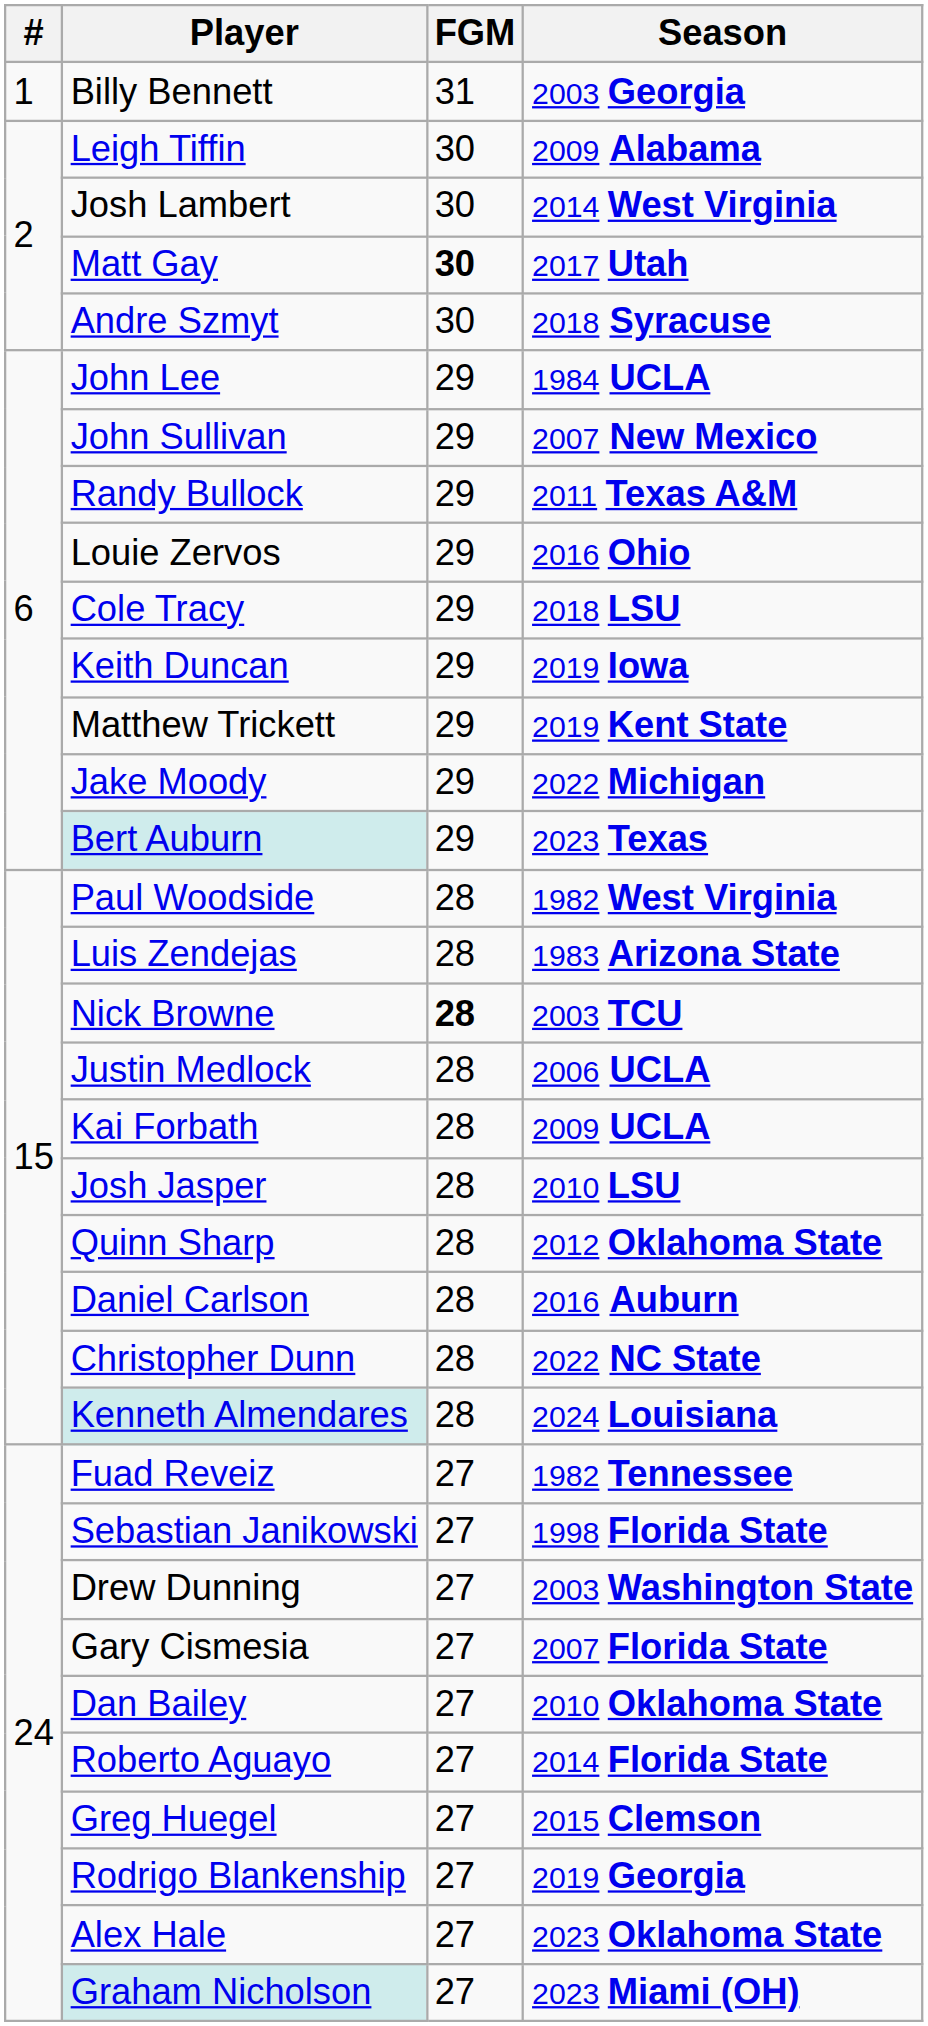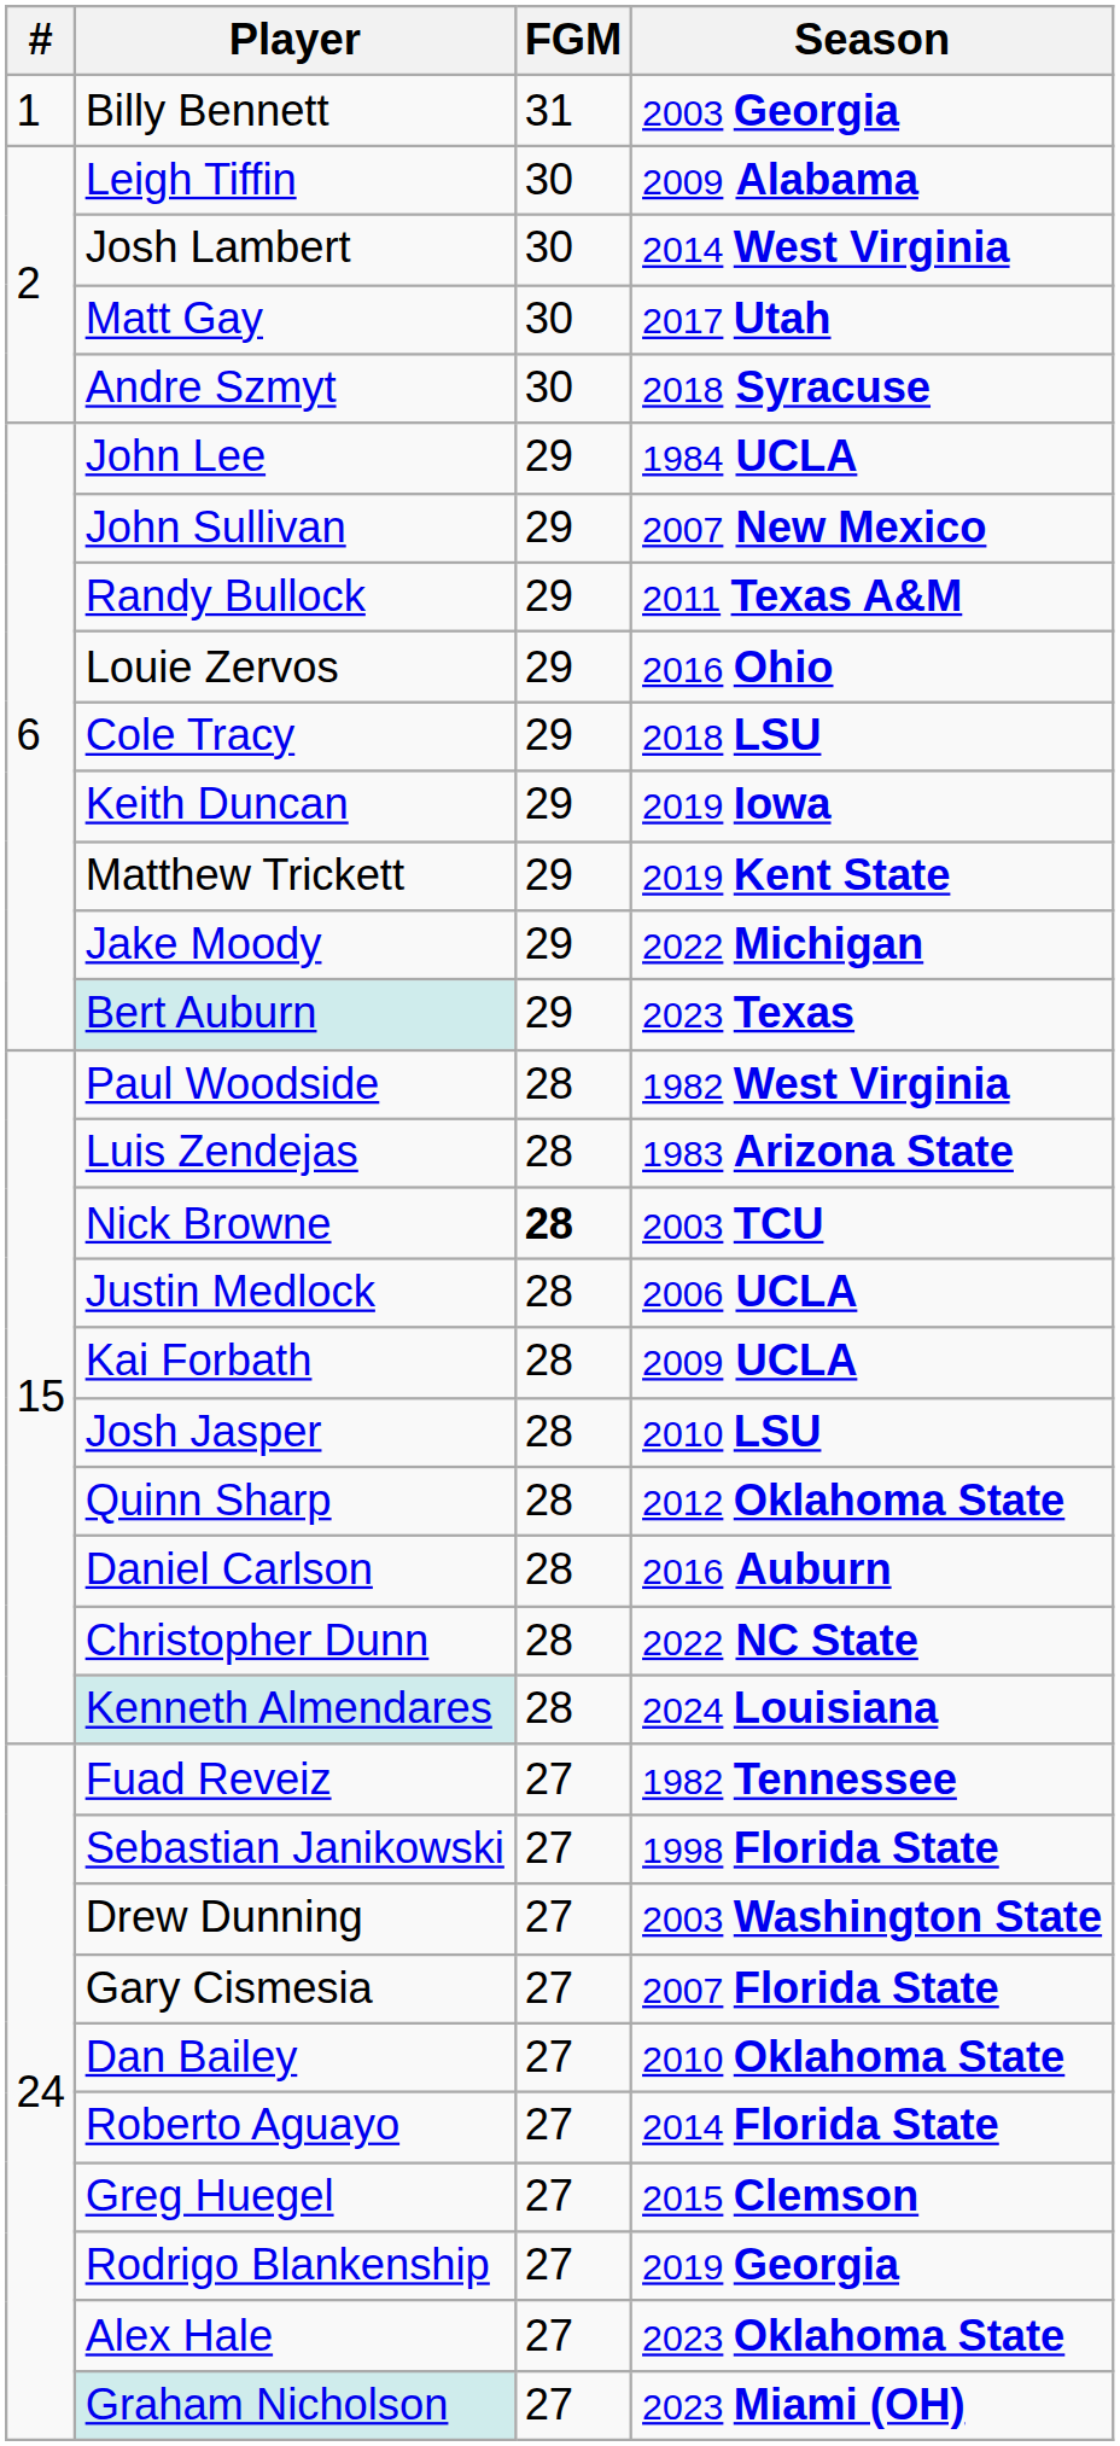 <table class="wikitable" style="white-space: nowrap;">
 <tr>
 <th>#</th>
 <th>Player</th>
 <th>FGM</th>
 <th>Season</th>
 </tr>
 <tr>
 <td>1</td>
 <td>Billy Bennett</td>
 <td>31</td>
 <td><small> <a href='#'>2003</a> </small> <strong><a href='#'>Georgia</a></strong></td>
 </tr>
 <tr>
 <td rowspan=4>2</td>
 <td><a href='#'>Leigh Tiffin</a></td>
 <td>30</td>
 <td><small> <a href='#'>2009</a></small> <strong><a href='#'>Alabama</a></strong></td>
 </tr>
 <tr>
 <td>Josh Lambert</td>
 <td>30</td>
 <td><small> <a href='#'>2014</a> </small> <strong><a href='#'>West Virginia</a></strong></td>
 </tr>
 <tr>
 <td><a href='#'>Matt Gay</a></td>
-<td><strong>30</strong></td>
+<td>30</td>
 <td><small> <a href='#'>2017</a> </small> <strong><a href='#'>Utah</a></strong></td>
 </tr>
 <tr>
 <td><a href='#'>Andre Szmyt</a></td>
 <td>30</td>
 <td><small> <a href='#'>2018</a></small> <strong><a href='#'>Syracuse</a></strong></td>
 </tr>
 <tr>
 <td rowspan=9>6</td>
 <td><a href='#'>John Lee</a></td>
 <td>29</td>
 <td><small> <a href='#'>1984</a></small> <strong><a href='#'>UCLA</a></strong></td>
 </tr>
 <tr>
 <td><a href='#'>John Sullivan</a></td>
 <td>29</td>
 <td><small> <a href='#'>2007</a></small> <strong><a href='#'>New Mexico</a></strong></td>
 </tr>
 <tr>
 <td><a href='#'>Randy Bullock</a></td>
 <td>29</td>
 <td><small> <a href='#'>2011</a> </small> <strong><a href='#'>Texas A&M</a></strong></td>
 </tr>
 <tr>
 <td>Louie Zervos</td>
 <td>29</td>
 <td><small> <a href='#'>2016</a> </small> <strong><a href='#'>Ohio</a></strong></td>
 </tr>
 <tr>
 <td><a href='#'>Cole Tracy</a></td>
 <td>29</td>
 <td><small> <a href='#'>2018</a> </small> <strong><a href='#'>LSU</a></strong></td>
 </tr>
 <tr>
 <td><a href='#'>Keith Duncan</a></td>
 <td>29</td>
 <td><small> <a href='#'>2019</a> </small> <strong><a href='#'>Iowa</a></strong></td>
 </tr>
 <tr>
 <td>Matthew Trickett</td>
 <td>29</td>
 <td><small> <a href='#'>2019</a> </small> <strong><a href='#'>Kent State</a></strong></td>
 </tr>
 <tr>
 <td><a href='#'>Jake Moody</a></td>
 <td>29</td>
 <td><small> <a href='#'>2022</a> </small> <strong><a href='#'>Michigan</a></strong></td>
 </tr>
 <tr>
 <td style="background: #CFECEC;"><a href='#'>Bert Auburn</a></td>
 <td>29</td>
 <td><small> <a href='#'>2023</a> </small> <strong><a href='#'>Texas</a></strong></td>
 </tr>
 <tr>
 <td rowspan=10>15</td>
 <td><a href='#'>Paul Woodside</a></td>
 <td>28</td>
 <td><small> <a href='#'>1982</a> </small><strong><a href='#'>West Virginia</a></strong></td>
 </tr>
 <tr>
 <td><a href='#'>Luis Zendejas</a></td>
 <td>28</td>
 <td><small> <a href='#'>1983</a> </small> <strong><a href='#'>Arizona State</a></strong></td>
 </tr>
 <tr>
 <td><a href='#'>Nick Browne</a></td>
 <td><strong>28</strong></td>
 <td><small><a href='#'>2003</a> </small> <strong><a href='#'>TCU</a></strong></td>
 </tr>
 <tr>
 <td><a href='#'>Justin Medlock</a></td>
 <td>28</td>
 <td><small> <a href='#'>2006</a></small> <strong><a href='#'>UCLA</a></strong></td>
 </tr>
 <tr>
 <td><a href='#'>Kai Forbath</a></td>
 <td>28</td>
 <td><small> <a href='#'>2009</a></small> <strong><a href='#'>UCLA</a></strong></td>
 </tr>
 <tr>
 <td><a href='#'>Josh Jasper</a></td>
 <td>28</td>
 <td><small> <a href='#'>2010</a> </small> <strong><a href='#'>LSU</a></strong></td>
 </tr>
 <tr>
 <td><a href='#'>Quinn Sharp</a></td>
 <td>28</td>
 <td><small> <a href='#'>2012</a> </small> <strong><a href='#'>Oklahoma State</a></strong></td>
 </tr>
 <tr>
 <td><a href='#'>Daniel Carlson</a></td>
 <td>28</td>
 <td><small><a href='#'>2016</a></small> <strong><a href='#'>Auburn</a></strong></td>
 </tr>
 <tr>
 <td><a href='#'>Christopher Dunn</a></td>
 <td>28</td>
 <td><small><a href='#'>2022</a></small>  <strong><a href='#'>NC State</a></strong></td>
 </tr>
 <tr>
 <td style="background: #CFECEC;"><a href='#'>Kenneth Almendares</a></td>
 <td>28</td>
 <td><small> <a href='#'>2024</a> </small> <strong><a href='#'>Louisiana</a></strong></td>
 </tr>
 <tr>
 <td rowspan=10>24</td>
 <td><a href='#'>Fuad Reveiz</a></td>
 <td>27</td>
 <td><small> <a href='#'>1982</a> </small> <strong><a href='#'>Tennessee</a></strong></td>
 </tr>
 <tr>
 <td><a href='#'>Sebastian Janikowski</a></td>
 <td>27</td>
 <td><small> <a href='#'>1998</a> </small> <strong><a href='#'>Florida State</a></strong></td>
 </tr>
 <tr>
 <td>Drew Dunning</td>
 <td>27</td>
 <td><small> <a href='#'>2003</a> </small> <strong><a href='#'>Washington State</a></strong></td>
 </tr>
 <tr>
 <td>Gary Cismesia</td>
 <td>27</td>
 <td><small> <a href='#'>2007</a> </small> <strong><a href='#'>Florida State</a></strong></td>
 </tr>
 <tr>
 <td><a href='#'>Dan Bailey</a></td>
 <td>27</td>
 <td><small> <a href='#'>2010</a> </small> <strong><a href='#'>Oklahoma State</a></strong></td>
 </tr>
 <tr>
 <td><a href='#'>Roberto Aguayo</a></td>
 <td>27</td>
 <td><small> <a href='#'>2014</a> </small> <strong><a href='#'>Florida State</a></strong></td>
 </tr>
 <tr>
 <td><a href='#'>Greg Huegel</a></td>
 <td>27</td>
 <td><small> <a href='#'>2015</a> </small> <strong><a href='#'>Clemson</a></strong></td>
 </tr>
 <tr>
 <td><a href='#'>Rodrigo Blankenship</a></td>
 <td>27</td>
 <td><small> <a href='#'>2019</a> </small> <strong><a href='#'>Georgia</a></strong></td>
 </tr>
 <tr>
 <td><a href='#'>Alex Hale</a></td>
 <td>27</td>
 <td><small> <a href='#'>2023</a> </small> <strong><a href='#'>Oklahoma State</a></strong></td>
 </tr>
 <tr>
 <td style="background: #CFECEC;"><a href='#'>Graham Nicholson</a></td>
 <td>27</td>
 <td><small> <a href='#'>2023</a> </small> <strong><a href='#'>Miami (OH)</a></strong></td>
 </tr>
 </table>
